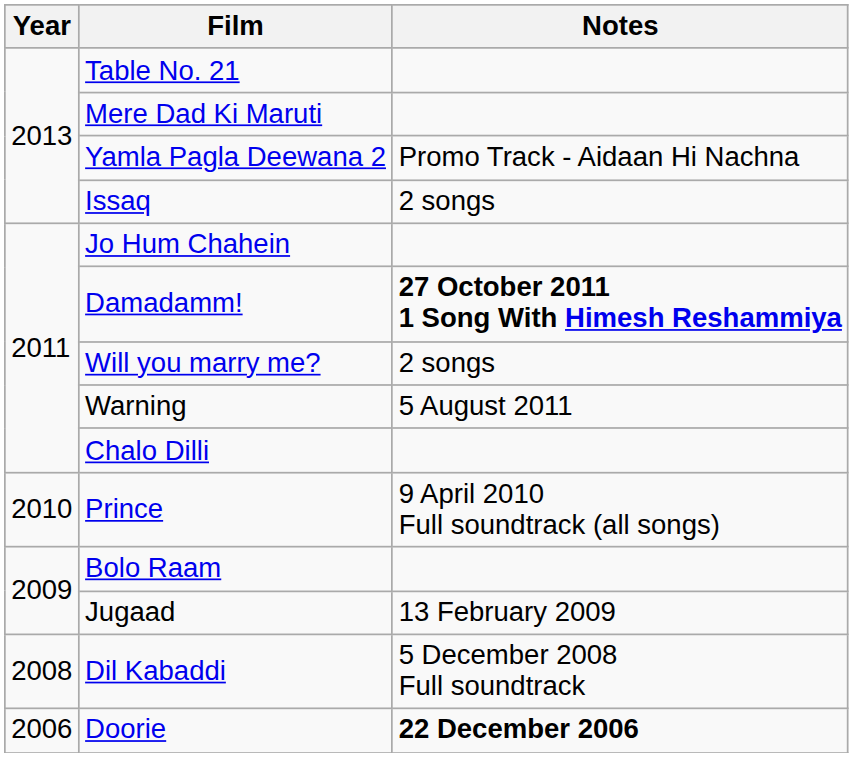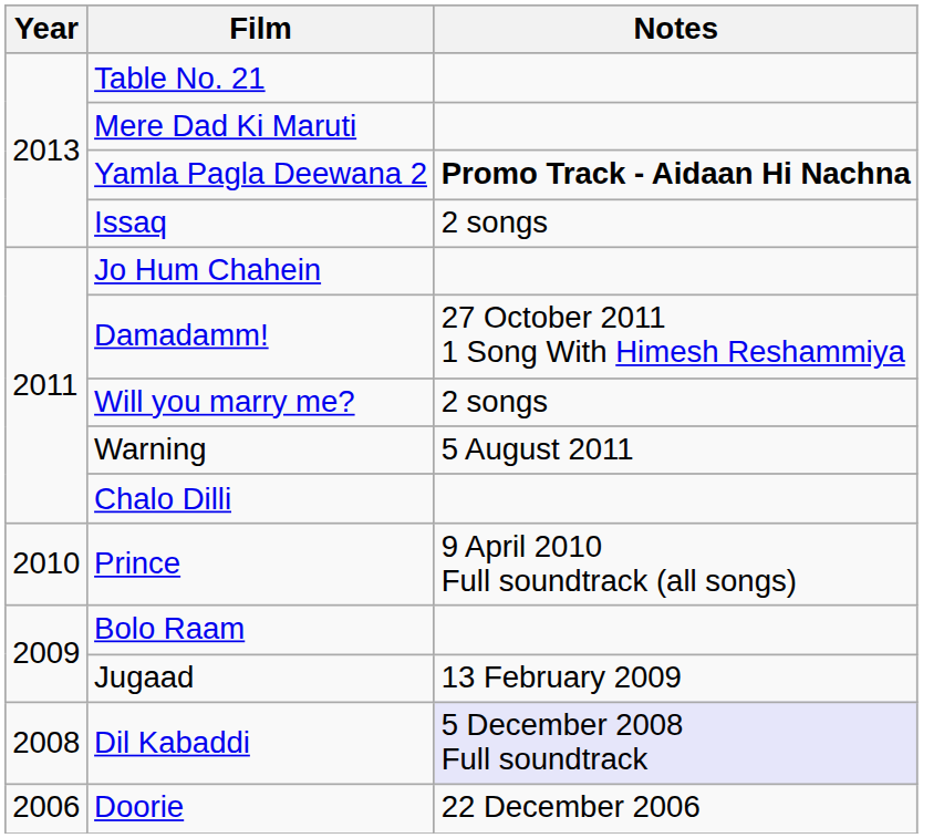 <table class="wikitable">
 <tr>
 <th>Year</th>
 <th>Film</th>
 <th>Notes</th>
 </tr>
 <tr>
 <td rowspan="4">2013</td>
 <td><a href='#'>Table No. 21</a></td>
 <td></td>
 </tr>
 <tr>
 <td><a href='#'>Mere Dad Ki Maruti</a></td>
 <td></td>
 </tr>
 <tr>
 <td><a href='#'>Yamla Pagla Deewana 2</a></td>
-<td>Promo Track - Aidaan Hi Nachna</td>
+<td><strong>Promo Track - Aidaan Hi Nachna</strong></td>
 </tr>
 <tr>
 <td><a href='#'>Issaq</a></td>
 <td>2 songs</td>
 </tr>
 <tr>
 <td rowspan="5">2011</td>
 <td><a href='#'>Jo Hum Chahein</a></td>
 <td></td>
 </tr>
 <tr>
 <td><a href='#'>Damadamm!</a></td>
-<td><strong>27 October 2011<br>1 Song With <a href='#'>Himesh Reshammiya</a></strong></td>
+<td>27 October 2011<br>1 Song With <a href='#'>Himesh Reshammiya</a></td>
 </tr>
 <tr>
 <td><a href='#'>Will you marry me?</a></td>
 <td>2 songs</td>
 </tr>
 <tr>
 <td>Warning</td>
 <td>5 August 2011</td>
 </tr>
 <tr>
 <td><a href='#'>Chalo Dilli</a></td>
 <td></td>
 </tr>
 <tr>
 <td>2010</td>
 <td><a href='#'>Prince</a></td>
 <td>9 April 2010<br>Full soundtrack (all songs)</td>
 </tr>
 <tr>
 <td rowspan="2">2009</td>
 <td><a href='#'>Bolo Raam</a></td>
 <td></td>
 </tr>
 <tr>
 <td>Jugaad</td>
 <td>13 February 2009</td>
 </tr>
 <tr>
 <td>2008</td>
 <td><a href='#'>Dil Kabaddi</a></td>
-<td>5 December 2008<br>Full soundtrack</td>
+<td style="background: lavender;">5 December 2008<br>Full soundtrack</td>
 </tr>
 <tr>
 <td>2006</td>
 <td><a href='#'>Doorie</a></td>
-<td><strong>22 December 2006</strong></td>
+<td>22 December 2006</td>
 </tr>
 </table>
